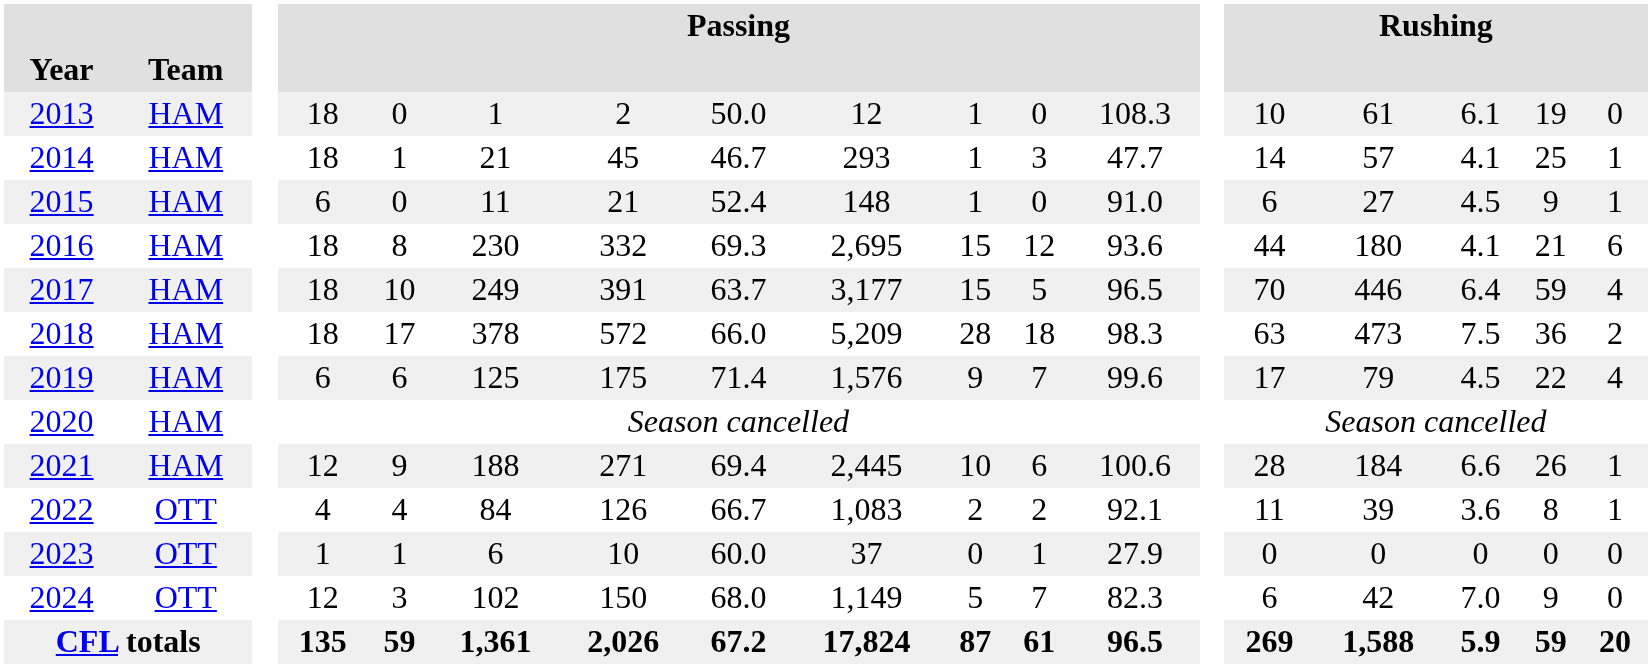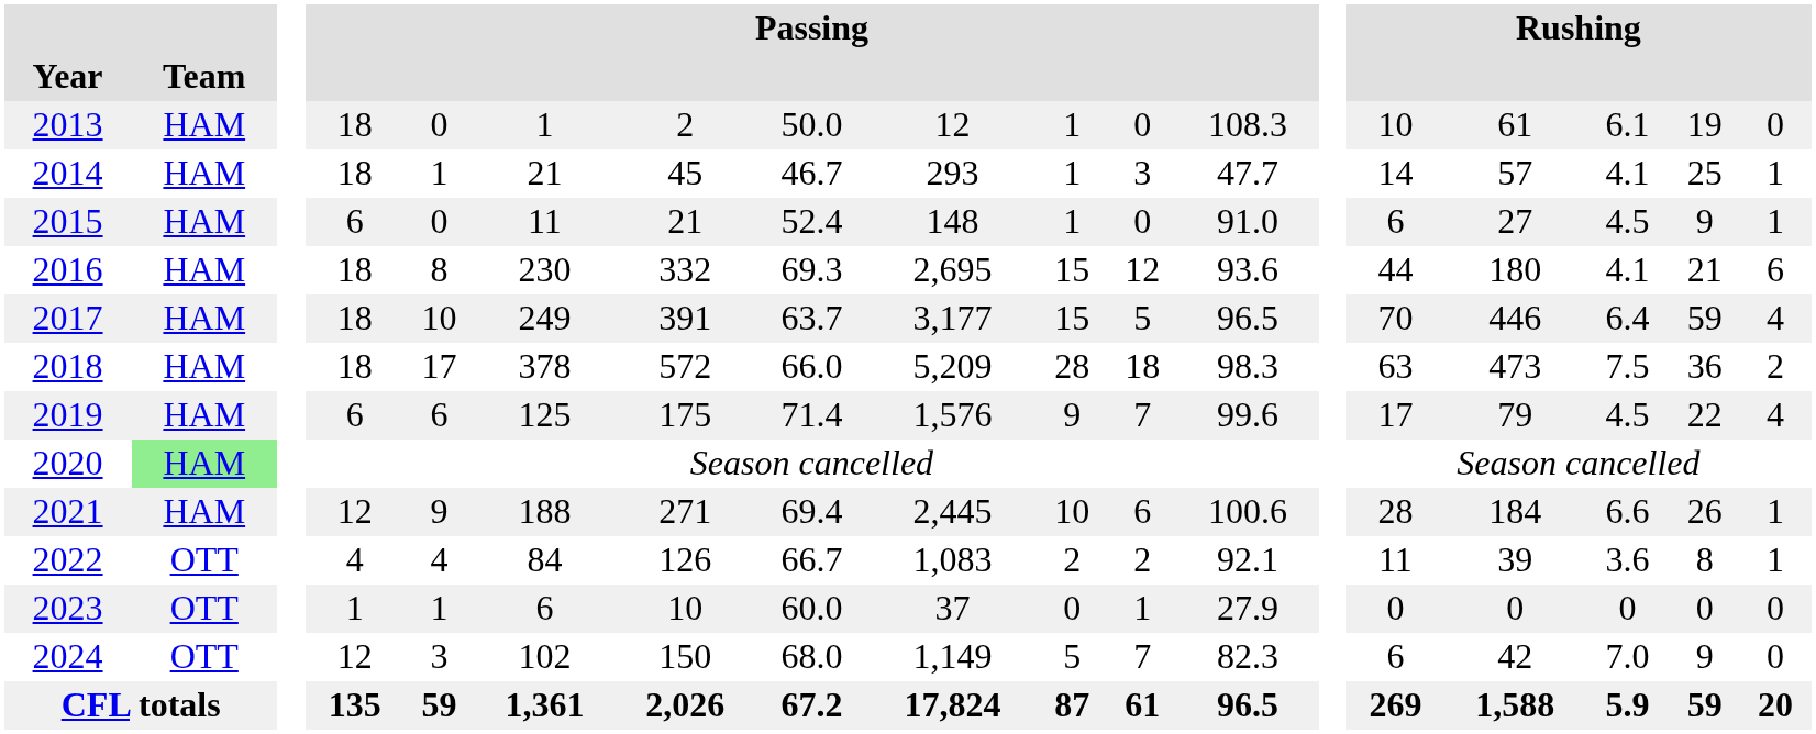 <table BORDER="0" CELLPADDING="2" CELLSPACING="0" width="65%" style="text-align:center">
 <tr bgcolor="#e0e0e0">
 <th colspan="2"></th>
 <th rowspan="100" bgcolor="#ffffff"> </th>
 <th colspan="9">Passing</th>
 <th rowspan="100" bgcolor="#ffffff"> </th>
 <th colspan="5">Rushing</th>
 </tr>
 <tr bgcolor="#e0e0e0">
 <th>Year</th>
 <th>Team</th>
 <th></th>
 <th></th>
 <th></th>
 <th></th>
 <th></th>
 <th></th>
 <th></th>
 <th></th>
 <th></th>
 <th></th>
 <th></th>
 <th></th>
 <th></th>
 <th></th>
 </tr>
 <tr ALIGN="center" bgcolor="#f0f0f0">
 <td><a href='#'>2013</a></td>
 <td><a href='#'>HAM</a></td>
 <td>18</td>
 <td>0</td>
 <td>1</td>
 <td>2</td>
 <td>50.0</td>
 <td>12</td>
 <td>1</td>
 <td>0</td>
 <td>108.3</td>
 <td>10</td>
 <td>61</td>
 <td>6.1</td>
 <td>19</td>
 <td>0</td>
 </tr>
 <tr ALIGN="center">
 <td><a href='#'>2014</a></td>
 <td><a href='#'>HAM</a></td>
 <td>18</td>
 <td>1</td>
 <td>21</td>
 <td>45</td>
 <td>46.7</td>
 <td>293</td>
 <td>1</td>
 <td>3</td>
 <td>47.7</td>
 <td>14</td>
 <td>57</td>
 <td>4.1</td>
 <td>25</td>
 <td>1</td>
 </tr>
 <tr ALIGN="center" bgcolor="#f0f0f0">
 <td><a href='#'>2015</a></td>
 <td><a href='#'>HAM</a></td>
 <td>6</td>
 <td>0</td>
 <td>11</td>
 <td>21</td>
 <td>52.4</td>
 <td>148</td>
 <td>1</td>
 <td>0</td>
 <td>91.0</td>
 <td>6</td>
 <td>27</td>
 <td>4.5</td>
 <td>9</td>
 <td>1</td>
 </tr>
 <tr ALIGN="center">
 <td><a href='#'>2016</a></td>
 <td><a href='#'>HAM</a></td>
 <td>18</td>
 <td>8</td>
 <td>230</td>
 <td>332</td>
 <td>69.3</td>
 <td>2,695</td>
 <td>15</td>
 <td>12</td>
 <td>93.6</td>
 <td>44</td>
 <td>180</td>
 <td>4.1</td>
 <td>21</td>
 <td>6</td>
 </tr>
 <tr ALIGN="center" bgcolor="#f0f0f0">
 <td><a href='#'>2017</a></td>
 <td><a href='#'>HAM</a></td>
 <td>18</td>
 <td>10</td>
 <td>249</td>
 <td>391</td>
 <td>63.7</td>
 <td>3,177</td>
 <td>15</td>
 <td>5</td>
 <td>96.5</td>
 <td>70</td>
 <td>446</td>
 <td>6.4</td>
 <td>59</td>
 <td>4</td>
 </tr>
 <tr ALIGN="center">
 <td><a href='#'>2018</a></td>
 <td><a href='#'>HAM</a></td>
 <td>18</td>
 <td>17</td>
 <td>378</td>
 <td>572</td>
 <td>66.0</td>
 <td>5,209</td>
 <td>28</td>
 <td>18</td>
 <td>98.3</td>
 <td>63</td>
 <td>473</td>
 <td>7.5</td>
 <td>36</td>
 <td>2</td>
 </tr>
 <tr ALIGN="center" bgcolor="#f0f0f0">
 <td><a href='#'>2019</a></td>
 <td><a href='#'>HAM</a></td>
 <td>6</td>
 <td>6</td>
 <td>125</td>
 <td>175</td>
 <td>71.4</td>
 <td>1,576</td>
 <td>9</td>
 <td>7</td>
 <td>99.6</td>
 <td>17</td>
 <td>79</td>
 <td>4.5</td>
 <td>22</td>
 <td>4</td>
 </tr>
 <tr ALIGN="center">
 <td><a href='#'>2020</a></td>
-<td><a href='#'>HAM</a></td>
+<td style="background: lightgreen;"><a href='#'>HAM</a></td>
 <td colspan="9"><em>Season cancelled</em></td>
 <td colspan="6"><em>Season cancelled</em></td>
 </tr>
 <tr ALIGN="center" bgcolor="#f0f0f0">
 <td><a href='#'>2021</a></td>
 <td><a href='#'>HAM</a></td>
 <td>12</td>
 <td>9</td>
 <td>188</td>
 <td>271</td>
 <td>69.4</td>
 <td>2,445</td>
 <td>10</td>
 <td>6</td>
 <td>100.6</td>
 <td>28</td>
 <td>184</td>
 <td>6.6</td>
 <td>26</td>
 <td>1</td>
 </tr>
 <tr ALIGN="center">
 <td><a href='#'>2022</a></td>
 <td><a href='#'>OTT</a></td>
 <td>4</td>
 <td>4</td>
 <td>84</td>
 <td>126</td>
 <td>66.7</td>
 <td>1,083</td>
 <td>2</td>
 <td>2</td>
 <td>92.1</td>
 <td>11</td>
 <td>39</td>
 <td>3.6</td>
 <td>8</td>
 <td>1</td>
 </tr>
 <tr ALIGN="center" bgcolor="f0f0f0">
 <td><a href='#'>2023</a></td>
 <td><a href='#'>OTT</a></td>
 <td>1</td>
 <td>1</td>
 <td>6</td>
 <td>10</td>
 <td>60.0</td>
 <td>37</td>
 <td>0</td>
 <td>1</td>
 <td>27.9</td>
 <td>0</td>
 <td>0</td>
 <td>0</td>
 <td>0</td>
 <td>0</td>
 </tr>
 <tr ALIGN="center">
 <td><a href='#'>2024</a></td>
 <td><a href='#'>OTT</a></td>
 <td>12</td>
 <td>3</td>
 <td>102</td>
 <td>150</td>
 <td>68.0</td>
 <td>1,149</td>
 <td>5</td>
 <td>7</td>
 <td>82.3</td>
 <td>6</td>
 <td>42</td>
 <td>7.0</td>
 <td>9</td>
 <td>0</td>
 </tr>
 <tr bgcolor="#e0e0e0">
 </tr>
 <tr ALIGN="center" bgcolor="f0f0f0">
 <th colspan="2"><a href='#'>CFL</a> totals</th>
 <th>135</th>
 <th>59</th>
 <th>1,361</th>
 <th>2,026</th>
 <th>67.2</th>
 <th>17,824</th>
 <th>87</th>
 <th>61</th>
 <th>96.5</th>
 <th>269</th>
 <th>1,588</th>
 <th>5.9</th>
 <th>59</th>
 <th>20</th>
 </tr>
 </table>
